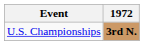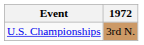 <table class="wikitable">
 <tr>
 <th>Event</th>
 <th>1972</th>
 </tr>
 <tr>
 <td><a href='#'>U.S. Championships</a></td>
-<td align="center" bgcolor="cc9966"><strong>3rd N.</strong></td>
+<td align="center" bgcolor="cc9966">3rd N.</td>
 </tr>
 </table>
